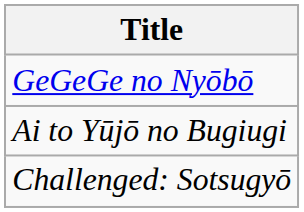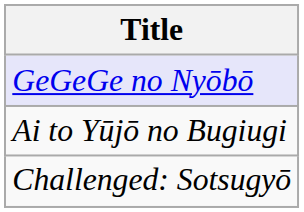 <table class="wikitable">
 <tr>
 <th>Title</th>
 </tr>
 <tr>
-<td><em><a href='#'>GeGeGe no Nyōbō</a></em></td>
+<td style="background: lavender;"><em><a href='#'>GeGeGe no Nyōbō</a></em></td>
 </tr>
 <tr>
 <td><em>Ai to Yūjō no Bugiugi</em></td>
 </tr>
 <tr>
 <td><em>Challenged: Sotsugyō</em></td>
 </tr>
 </table>
